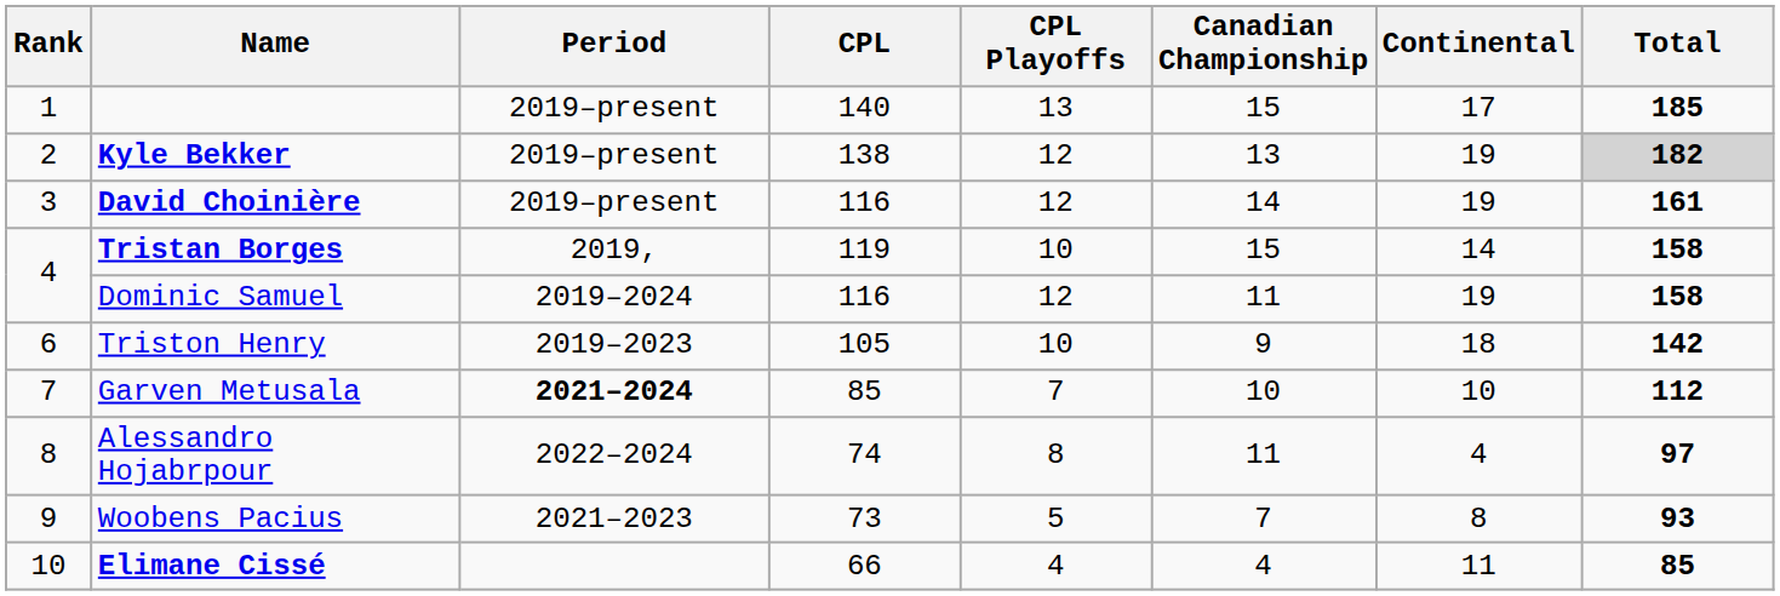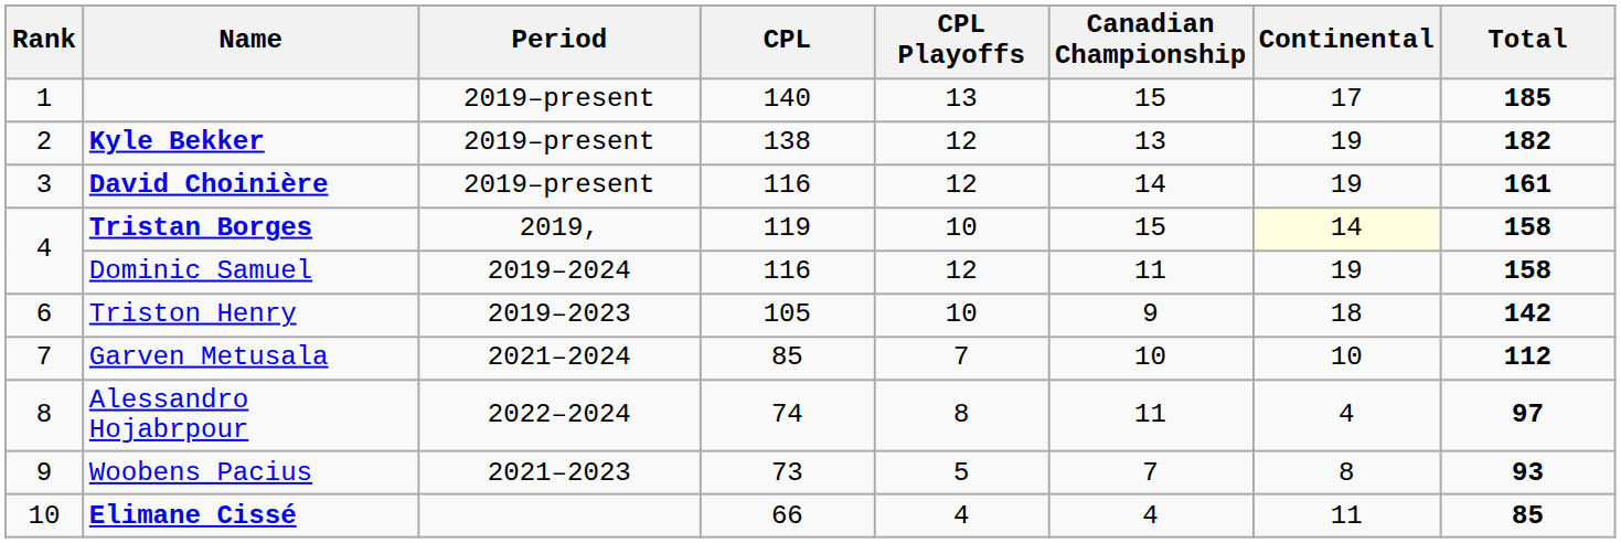 <table class="wikitable sortable" style="font-size: 95%; text-align: center">
 <tr>
 <th width=30>Rank</th>
 <th width=150>Name</th>
 <th width=125>Period</th>
 <th width=75>CPL</th>
 <th width=75>CPL Playoffs</th>
 <th width=75>Canadian Championship</th>
 <th width=75>Continental</th>
 <th width=75>Total</th>
 </tr>
 <tr>
 <td>1</td>
 <td align="left"></td>
 <td>2019–present</td>
 <td>140</td>
 <td>13</td>
 <td>15</td>
 <td>17</td>
 <td><strong>185</strong></td>
 </tr>
 <tr>
 <td>2</td>
 <td align="left"> <strong><a href='#'>Kyle Bekker</a></strong></td>
 <td>2019–present</td>
 <td>138</td>
 <td>12</td>
 <td>13</td>
 <td>19</td>
-<td style="background: lightgrey;"><strong>182</strong></td>
+<td><strong>182</strong></td>
 </tr>
 <tr>
 <td>3</td>
 <td align="left"> <strong><a href='#'>David Choinière</a></strong></td>
 <td>2019–present</td>
 <td>116</td>
 <td>12</td>
 <td>14</td>
 <td>19</td>
 <td><strong>161</strong></td>
 </tr>
 <tr>
 <td rowspan="2">4</td>
 <td align="left"> <strong><a href='#'>Tristan Borges</a></strong></td>
 <td>2019, </td>
 <td>119</td>
 <td>10</td>
 <td>15</td>
-<td>14</td>
+<td style="background: lightyellow;">14</td>
 <td><strong>158</strong></td>
 </tr>
 <tr>
 <td align="left"> <a href='#'>Dominic Samuel</a></td>
 <td>2019–2024</td>
 <td>116</td>
 <td>12</td>
 <td>11</td>
 <td>19</td>
 <td><strong>158</strong></td>
 </tr>
 <tr>
 <td>6</td>
 <td align="left"> <a href='#'>Triston Henry</a></td>
 <td>2019–2023</td>
 <td>105</td>
 <td>10</td>
 <td>9</td>
 <td>18</td>
 <td><strong>142</strong></td>
 </tr>
 <tr>
 <td>7</td>
 <td align="left"> <a href='#'>Garven Metusala</a></td>
-<td><strong>2021–2024</strong></td>
+<td>2021–2024</td>
 <td>85</td>
 <td>7</td>
 <td>10</td>
 <td>10</td>
 <td><strong>112</strong></td>
 </tr>
 <tr>
 <td>8</td>
 <td align="left"> <a href='#'>Alessandro Hojabrpour</a></td>
 <td>2022–2024</td>
 <td>74</td>
 <td>8</td>
 <td>11</td>
 <td>4</td>
 <td><strong>97</strong></td>
 </tr>
 <tr>
 <td>9</td>
 <td align="left"> <a href='#'>Woobens Pacius</a></td>
 <td>2021–2023</td>
 <td>73</td>
 <td>5</td>
 <td>7</td>
 <td>8</td>
 <td><strong>93</strong></td>
 </tr>
 <tr>
 <td>10</td>
 <td align="left"> <strong><a href='#'>Elimane Cissé</a></strong></td>
 <td> </td>
 <td>66</td>
 <td>4</td>
 <td>4</td>
 <td>11</td>
 <td><strong>85</strong></td>
 </tr>
 </table>
